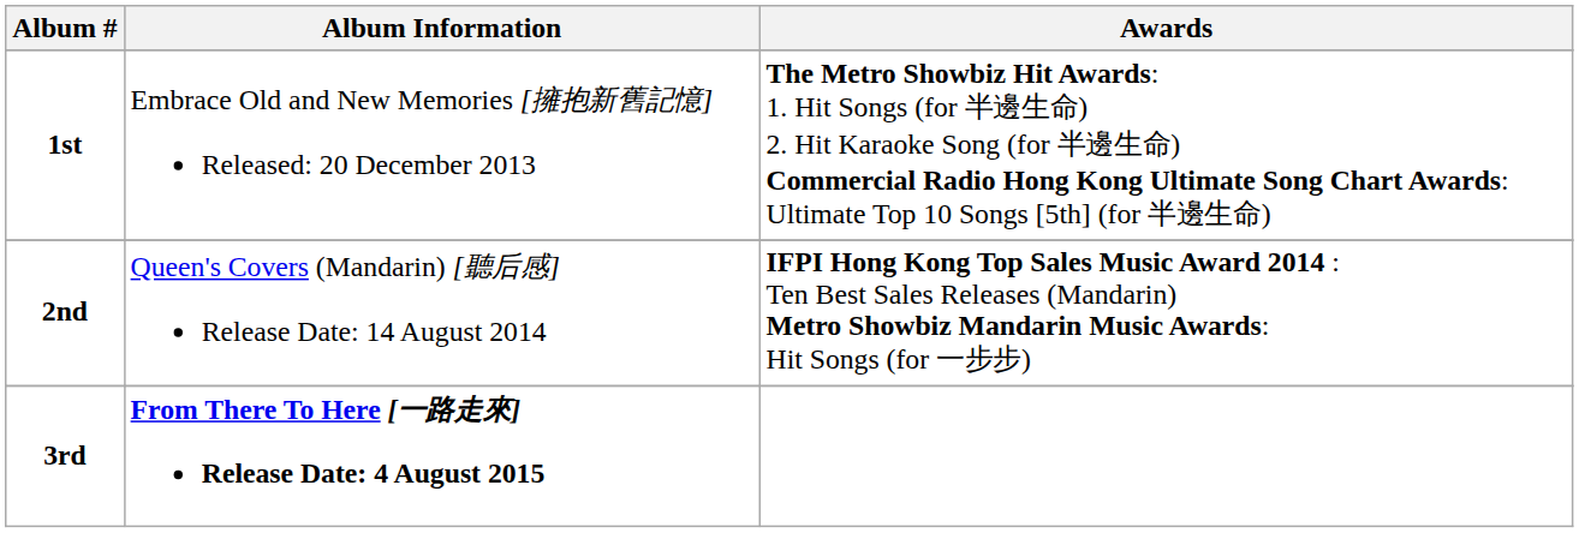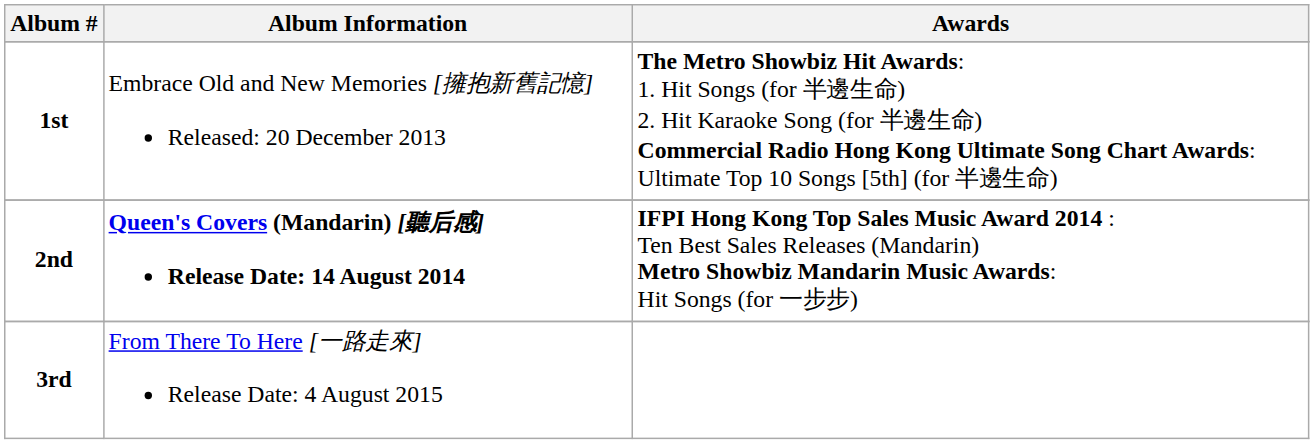 <table class="wikitable">
 <tr>
 <th align-"left">Album #</th>
 <th align="left" width="350px">Album Information</th>
 <th align="left" width="450px">Awards</th>
 </tr>
 <tr>
 </tr>
 <tr bgcolor="#FFFFFF">
 <td align="center"><strong>1st</strong></td>
 <td align="left">Embrace Old and New Memories <em>[擁抱新舊記憶]</em><br><ul><li>Released: 20 December 2013</li></ul></td>
 <td><strong>The Metro Showbiz Hit Awards</strong>:<br>1. Hit Songs (for 半邊生命)<br>2. Hit Karaoke Song (for 半邊生命)<br><strong>Commercial Radio Hong Kong Ultimate Song Chart Awards</strong>:<br>Ultimate Top 10 Songs [5th] (for 半邊生命)</td>
 </tr>
 <tr>
 </tr>
 <tr bgcolor="#FFFFFF">
 <td align="center"><strong>2nd</strong></td>
-<td align="left"><a href='#'>Queen's Covers</a> (Mandarin) <em>[聽后感]</em><br><ul><li>Release Date: 14 August 2014</li></ul></td>
+<td align="left"><strong><a href='#'>Queen's Covers</a> (Mandarin) <em>[聽后感]</em><br><ul><li>Release Date: 14 August 2014</li></ul></strong></td>
 <td><strong>IFPI Hong Kong Top Sales Music Award 2014 </strong>:<br>Ten Best Sales Releases (Mandarin)<br><strong>Metro Showbiz Mandarin Music Awards</strong>:<br>Hit Songs (for 一步步)</td>
 </tr>
 <tr>
 </tr>
 <tr bgcolor="#FFFFFF">
 <td align="center"><strong>3rd</strong></td>
-<td align="left"><strong><a href='#'>From There To Here</a>  <em>[一路走來]</em><br><ul><li>Release Date: 4 August 2015</li></ul></strong></td>
+<td align="left"><a href='#'>From There To Here</a>  <em>[一路走來]</em><br><ul><li>Release Date: 4 August 2015</li></ul></td>
 <td></td>
 </tr>
 </table>
